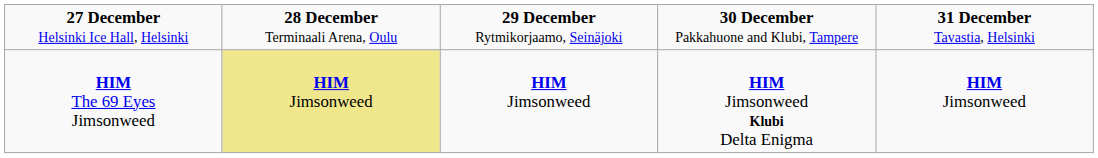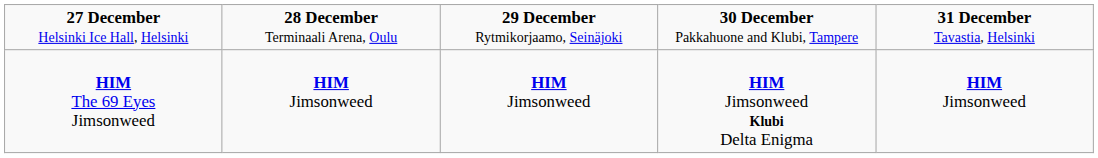 <table class="wikitable">
 <tr>
 <td colspan="1" style="text-align:center;"><strong>27 December</strong> <br><small> <a href='#'>Helsinki Ice Hall</a>, <a href='#'>Helsinki</a> </small></td>
 <td colspan="1" style="text-align:center;"><strong>28 December</strong> <br><small> Terminaali Arena, <a href='#'>Oulu</a> </small></td>
 <td colspan="1" style="text-align:center;"><strong>29 December</strong> <br><small> Rytmikorjaamo, <a href='#'>Seinäjoki</a> </small></td>
 <td colspan="1" style="text-align:center;"><strong>30 December</strong> <br><small> Pakkahuone and Klubi, <a href='#'>Tampere</a> </small></td>
 <td colspan="1" style="text-align:center;"><strong>31 December</strong> <br><small> <a href='#'>Tavastia</a>, <a href='#'>Helsinki</a> </small></td>
 </tr>
 <tr>
 <td style="text-align:center; vertical-align:top; width:200px;"><br><strong><a href='#'>HIM</a></strong><br> <a href='#'>The 69 Eyes</a><br> Jimsonweed<br></td>
-<td style="background: khaki; text-align:center; vertical-align:top; width:200px;"><br><strong><a href='#'>HIM</a></strong><br> Jimsonweed<br></td>
+<td style="text-align:center; vertical-align:top; width:200px;"><br><strong><a href='#'>HIM</a></strong><br> Jimsonweed<br></td>
 <td style="text-align:center; vertical-align:top; width:200px;"><br><strong><a href='#'>HIM</a></strong><br> Jimsonweed<br></td>
 <td style="text-align:center; vertical-align:top; width:200px;"><br><strong><a href='#'>HIM</a></strong><br> Jimsonweed<br> <small><strong>Klubi</strong></small><br> Delta Enigma<br></td>
 <td style="text-align:center; vertical-align:top; width:200px;"><br><strong><a href='#'>HIM</a></strong><br> Jimsonweed<br></td>
 </tr>
 </table>
